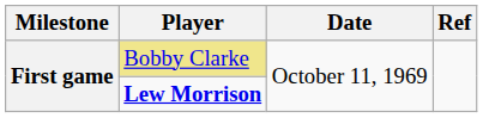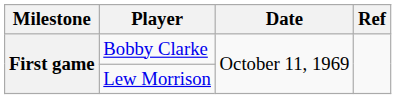 <table class="wikitable">
 <tr>
 <th scope="col">Milestone</th>
 <th scope="col">Player</th>
 <th scope="col">Date</th>
 <th scope="col">Ref</th>
 </tr>
 <tr>
 <th rowspan=2>First game</th>
-<td style="background: khaki;"><a href='#'>Bobby Clarke</a></td>
+<td><a href='#'>Bobby Clarke</a></td>
 <td rowspan=2>October 11, 1969</td>
 <td rowspan=2></td>
 </tr>
 <tr>
-<td><strong><a href='#'>Lew Morrison</a></strong></td>
+<td><a href='#'>Lew Morrison</a></td>
 </tr>
 </table>
